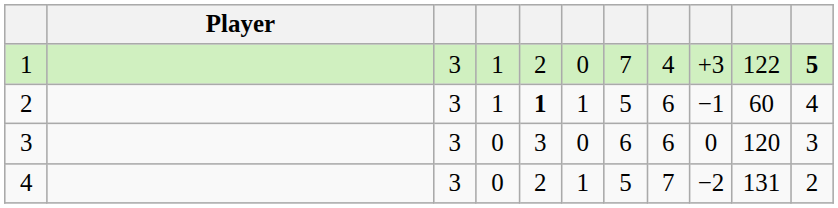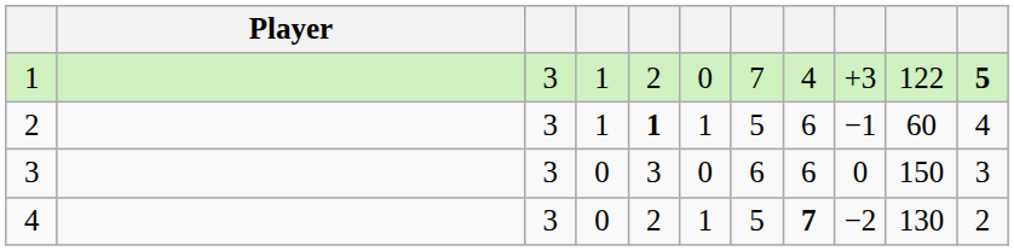 <table class="wikitable" style="text-align:center; margin: 1em auto 1em auto, align:left">
 <tr>
 <th width=20></th>
 <th width=240>Player</th>
 <th width=20></th>
 <th width=20></th>
 <th width=20></th>
 <th width=20></th>
 <th width=20></th>
 <th width=20></th>
 <th width=20></th>
 <th width=30></th>
 <th width=20></th>
 </tr>
 <tr style="background:#D0F0C0;">
 <td>1</td>
 <td align=left></td>
 <td>3</td>
 <td>1</td>
 <td>2</td>
 <td>0</td>
 <td>7</td>
 <td>4</td>
 <td>+3</td>
 <td>122</td>
 <td><strong>5</strong></td>
 </tr>
 <tr style=>
 <td>2</td>
 <td align=left></td>
 <td>3</td>
 <td>1</td>
 <td><strong>1</strong></td>
 <td>1</td>
 <td>5</td>
 <td>6</td>
 <td>−1</td>
 <td>60</td>
 <td>4</td>
 </tr>
 <tr style=>
 <td>3</td>
 <td align=left></td>
 <td>3</td>
 <td>0</td>
 <td>3</td>
 <td>0</td>
 <td>6</td>
 <td>6</td>
 <td>0</td>
-<td>120</td>
+<td>150</td>
 <td>3</td>
 </tr>
 <tr style=>
 <td>4</td>
 <td align=left></td>
 <td>3</td>
 <td>0</td>
 <td>2</td>
 <td>1</td>
 <td>5</td>
-<td>7</td>
+<td><strong>7</strong></td>
 <td>−2</td>
-<td>131</td>
+<td>130</td>
 <td>2</td>
 </tr>
 </table>
